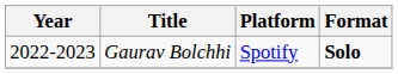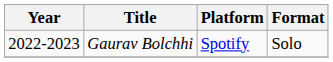 <table class="wikitable sortable">
 <tr>
 <th>Year</th>
 <th>Title</th>
 <th>Platform</th>
 <th>Format</th>
 </tr>
 <tr>
 <td>2022-2023</td>
 <td><em>Gaurav Bolchhi</em></td>
 <td><a href='#'>Spotify</a></td>
-<td><strong>Solo</strong></td>
+<td>Solo</td>
 </tr>
 <tr>
 </tr>
 </table>
